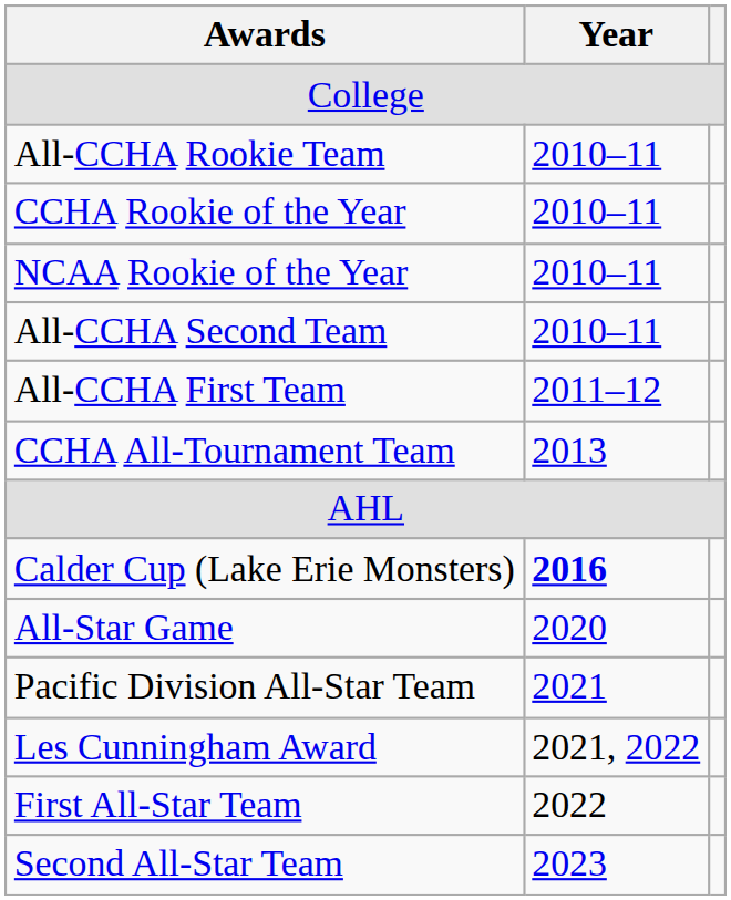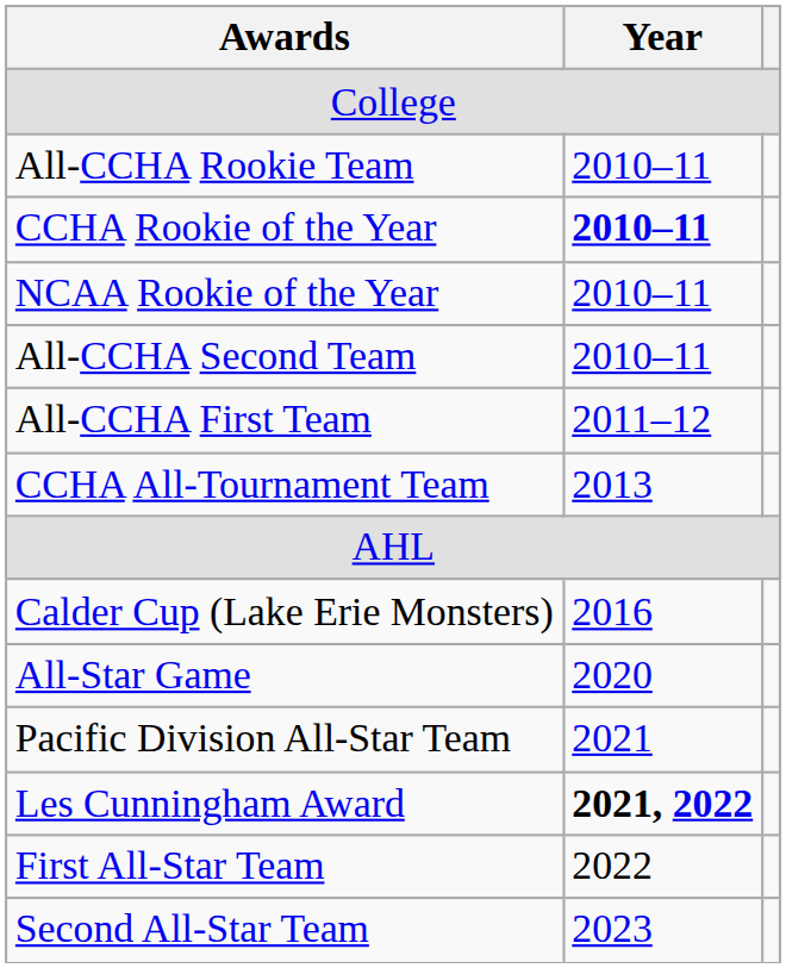 <table class="wikitable">
 <tr>
 <th>Awards</th>
 <th>Year</th>
 <th></th>
 </tr>
 <tr ALIGN="center" bgcolor="#e0e0e0">
 <td colspan="3"><a href='#'>College</a></td>
 </tr>
 <tr>
 <td>All-<a href='#'>CCHA</a> <a href='#'>Rookie Team</a></td>
 <td><a href='#'>2010–11</a></td>
 <td></td>
 </tr>
 <tr>
 <td><a href='#'>CCHA</a> <a href='#'>Rookie of the Year</a></td>
-<td><a href='#'>2010–11</a></td>
+<td><strong><a href='#'>2010–11</a></strong></td>
 <td></td>
 </tr>
 <tr>
 <td><a href='#'>NCAA</a> <a href='#'>Rookie of the Year</a></td>
 <td><a href='#'>2010–11</a></td>
 <td></td>
 </tr>
 <tr>
 <td>All-<a href='#'>CCHA</a> <a href='#'>Second Team</a></td>
 <td><a href='#'>2010–11</a></td>
 <td></td>
 </tr>
 <tr>
 <td>All-<a href='#'>CCHA</a> <a href='#'>First Team</a></td>
 <td><a href='#'>2011–12</a></td>
 <td></td>
 </tr>
 <tr>
 <td><a href='#'>CCHA</a> <a href='#'>All-Tournament Team</a></td>
 <td><a href='#'>2013</a></td>
 <td></td>
 </tr>
 <tr ALIGN="center" bgcolor="#e0e0e0">
 <td colspan="3"><a href='#'>AHL</a></td>
 </tr>
 <tr>
 <td><a href='#'>Calder Cup</a> (Lake Erie Monsters)</td>
-<td><strong><a href='#'>2016</a></strong></td>
+<td><a href='#'>2016</a></td>
 <td></td>
 </tr>
 <tr>
 <td><a href='#'>All-Star Game</a></td>
 <td><a href='#'>2020</a></td>
 <td></td>
 </tr>
 <tr>
 <td>Pacific Division All-Star Team</td>
 <td><a href='#'>2021</a></td>
 <td></td>
 </tr>
 <tr>
 <td><a href='#'>Les Cunningham Award</a></td>
-<td>2021, <a href='#'>2022</a></td>
+<td><strong>2021, <a href='#'>2022</a></strong></td>
 <td></td>
 </tr>
 <tr>
 <td><a href='#'>First All-Star Team</a></td>
 <td>2022</td>
 <td></td>
 </tr>
 <tr>
 <td><a href='#'>Second All-Star Team</a></td>
 <td><a href='#'>2023</a></td>
 <td></td>
 </tr>
 </table>
